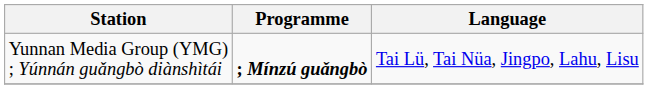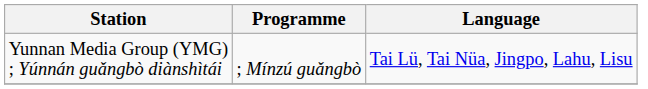 <table border="1" class="wikitable">
 <tr>
 <th>Station</th>
 <th>Programme</th>
 <th>Language</th>
 </tr>
 <tr>
 <td>Yunnan Media Group (YMG)<br> ; <em>Yúnnán guǎngbò diànshìtái</em></td>
-<td><strong><br> ; <em>Mínzú guǎngbò</em></strong></td>
+<td><br> ; <em>Mínzú guǎngbò</em></td>
 <td><a href='#'>Tai Lü</a>, <a href='#'>Tai Nüa</a>, <a href='#'>Jingpo</a>, <a href='#'>Lahu</a>, <a href='#'>Lisu</a></td>
 </tr>
 <tr>
 </tr>
 </table>
